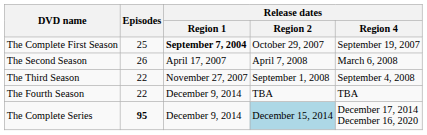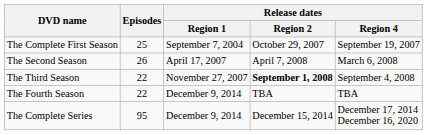 <table class="wikitable">
 <tr>
 <th rowspan="2">DVD name</th>
 <th rowspan="2">Episodes</th>
 <th colspan="3">Release dates</th>
 </tr>
 <tr>
 <th>Region 1</th>
 <th>Region 2</th>
 <th>Region 4</th>
 </tr>
 <tr>
 <td>The Complete First Season</td>
 <td align="center">25</td>
-<td><strong>September 7, 2004</strong></td>
+<td>September 7, 2004</td>
 <td>October 29, 2007</td>
 <td>September 19, 2007</td>
 </tr>
 <tr>
 <td>The Second Season</td>
 <td align="center">26</td>
 <td>April 17, 2007</td>
 <td>April 7, 2008</td>
 <td>March 6, 2008</td>
 </tr>
 <tr>
 <td>The Third Season</td>
 <td align="center">22</td>
 <td>November 27, 2007</td>
-<td>September 1, 2008</td>
+<td><strong>September 1, 2008</strong></td>
 <td>September 4, 2008</td>
 </tr>
 <tr>
 <td>The Fourth Season</td>
 <td align="center">22</td>
 <td>December 9, 2014</td>
 <td>TBA</td>
 <td>TBA</td>
 </tr>
 <tr>
 <td>The Complete Series</td>
-<td align="center"><strong>95</strong></td>
+<td align="center">95</td>
 <td>December 9, 2014</td>
-<td style="background: lightblue;">December 15, 2014</td>
+<td>December 15, 2014</td>
 <td>December 17, 2014<br>December 16, 2020</td>
 </tr>
 </table>
